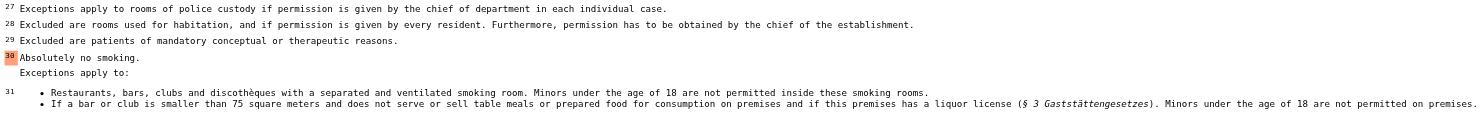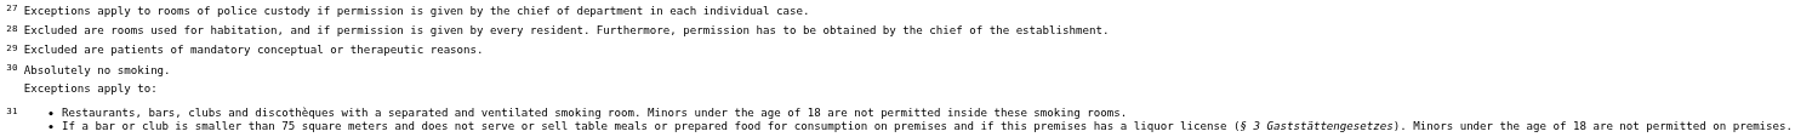 <table class="toptextcells" style="font-size: 90%;">
 <tr>
 <td style="text-align: right; padding-right: 0.33em"><sup>27</sup></td>
 <td>Exceptions apply to rooms of police custody if permission is given by the chief of department in each individual case.</td>
 </tr>
 <tr>
 <td style="text-align: right; padding-right: 0.33em"><sup>28</sup></td>
 <td>Excluded are rooms used for habitation, and if permission is given by every resident. Furthermore, permission has to be obtained by the chief of the establishment.</td>
 </tr>
 <tr>
 <td style="text-align: right; padding-right: 0.33em"><sup>29</sup></td>
 <td>Excluded are patients of mandatory conceptual or therapeutic reasons.</td>
 </tr>
 <tr>
-<td style="background: lightsalmon; text-align: right; padding-right: 0.33em"><sup>30</sup></td>
+<td style="text-align: right; padding-right: 0.33em"><sup>30</sup></td>
 <td>Absolutely no smoking.</td>
 </tr>
 <tr>
 <td style="text-align: right; padding-right: 0.33em"><sup>31</sup></td>
 <td>Exceptions apply to:<br><ul><li>Restaurants, bars, clubs and discothèques with a separated and ventilated smoking room. Minors under the age of 18 are not permitted inside these smoking rooms.</li><li>If a bar or club is smaller than 75 square meters and does not serve or sell table meals or prepared food for consumption on premises and if this premises has a liquor license (<em>§ 3 Gaststättengesetzes</em>). Minors under the age of 18 are not permitted on premises.</li></ul></td>
 </tr>
 </table>
